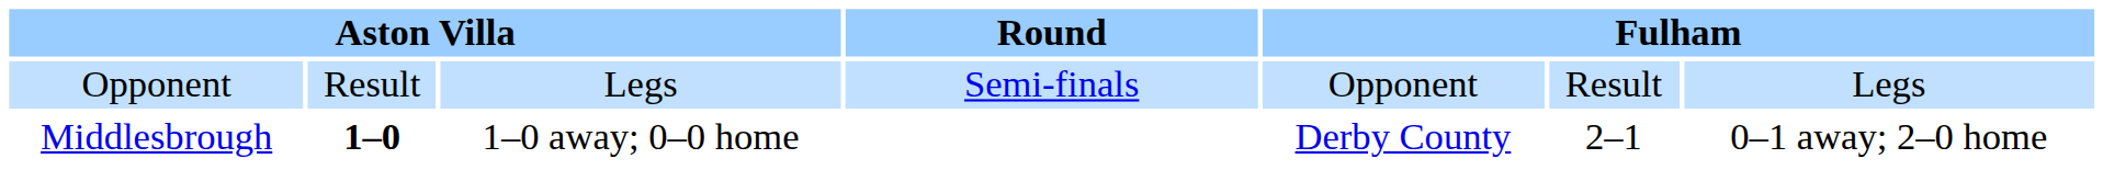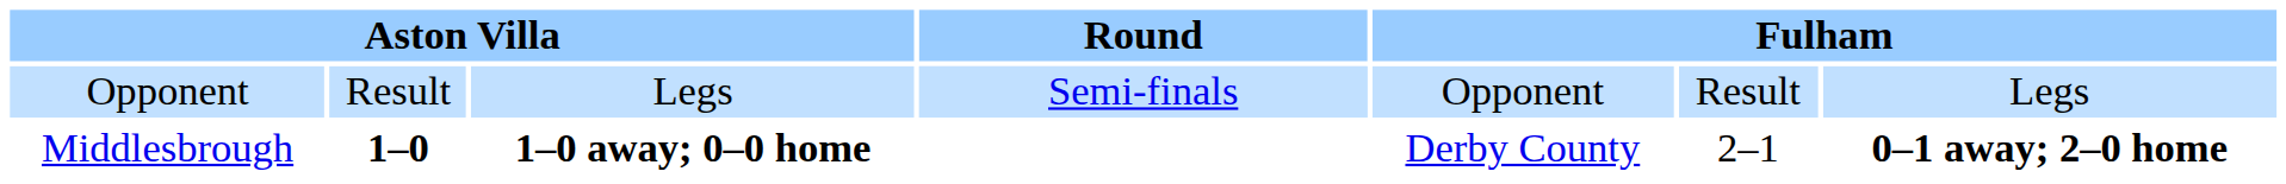 <table width="100%" bgcolor=white>
 <tr valign=top bgcolor=#99ccff>
 <th colspan=3 style="width:40%"><strong>Aston Villa</strong></th>
 <th width=20%><strong>Round</strong></th>
 <th colspan=3 style="width:40%"><strong>Fulham</strong></th>
 </tr>
 <tr valign=top align="center" bgcolor=#c1e0ff>
 <td>Opponent</td>
 <td>Result</td>
 <td>Legs</td>
 <td bgcolor=#c1e0ff><a href='#'>Semi-finals</a></td>
 <td>Opponent</td>
 <td>Result</td>
 <td>Legs</td>
 </tr>
 <tr align="center">
 <td><a href='#'>Middlesbrough</a></td>
 <td><strong>1–0</strong></td>
-<td>1–0 away; 0–0 home</td>
+<td><strong>1–0 away; 0–0 home</strong></td>
 <td></td>
 <td><a href='#'>Derby County</a></td>
 <td>2–1</td>
-<td>0–1 away; 2–0 home</td>
+<td><strong>0–1 away; 2–0 home</strong></td>
 </tr>
 </table>
